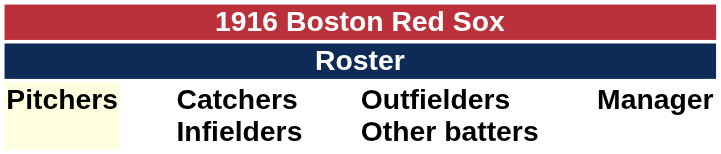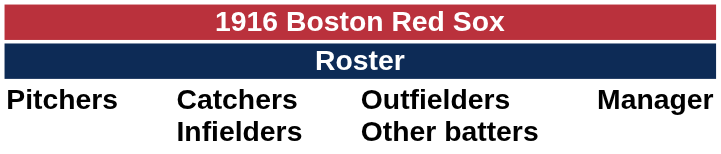 <table class="toccolours" style="text-align: left;">
 <tr>
 <th colspan="10" style="background-color: #ba313c; color: white; text-align: center;">1916 Boston Red Sox</th>
 </tr>
 <tr>
 <td colspan="10" style="background-color: #0d2b56; color: white; text-align: center;"><strong>Roster</strong></td>
 </tr>
 <tr>
-<td valign="top" style="background: lightyellow;"><strong>Pitchers</strong><br>         </td>
+<td valign="top"><strong>Pitchers</strong><br>         </td>
 <td width="25px"></td>
 <td valign="top"><strong>Catchers</strong><br>    <strong>Infielders</strong>         </td>
 <td width="25px"></td>
 <td valign="top"><strong>Outfielders</strong><br>     <strong>Other batters</strong> </td>
 <td width="25px"></td>
 <td valign="top"><strong>Manager</strong><br></td>
 </tr>
 <tr>
 </tr>
 </table>
